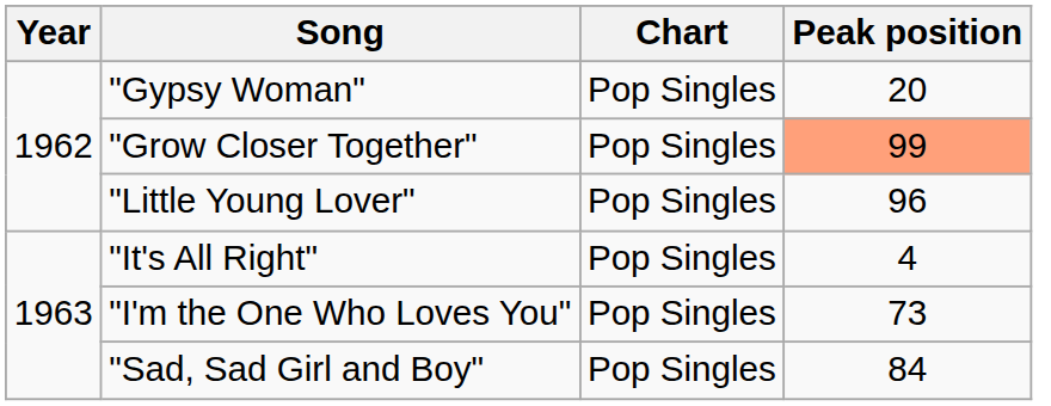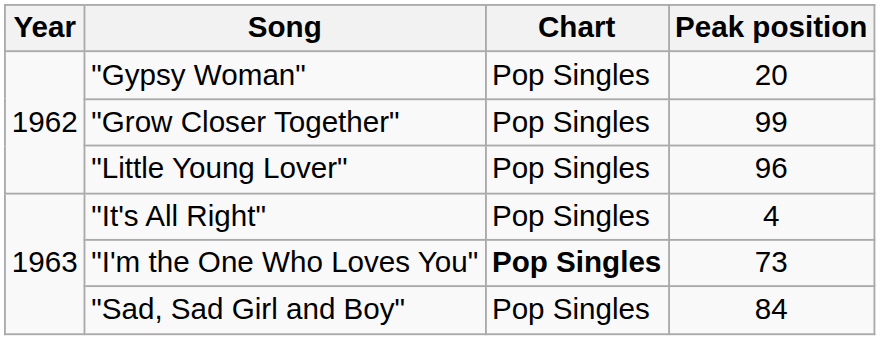 <table class="wikitable">
 <tr>
 <th>Year</th>
 <th>Song</th>
 <th>Chart</th>
 <th>Peak position</th>
 </tr>
 <tr>
 <td rowspan="3">1962</td>
 <td>"Gypsy Woman"</td>
 <td>Pop Singles</td>
 <td align="center">20</td>
 </tr>
 <tr>
 <td>"Grow Closer Together"</td>
 <td>Pop Singles</td>
-<td align="center" style="background: lightsalmon;">99</td>
+<td align="center">99</td>
 </tr>
 <tr>
 <td>"Little Young Lover"</td>
 <td>Pop Singles</td>
 <td align="center">96</td>
 </tr>
 <tr>
 <td rowspan="3">1963</td>
 <td>"It's All Right"</td>
 <td>Pop Singles</td>
 <td align="center">4</td>
 </tr>
 <tr>
 <td>"I'm the One Who Loves You"</td>
-<td>Pop Singles</td>
+<td><strong>Pop Singles</strong></td>
 <td align="center">73</td>
 </tr>
 <tr>
 <td>"Sad, Sad Girl and Boy"</td>
 <td>Pop Singles</td>
 <td align="center">84</td>
 </tr>
 </table>
